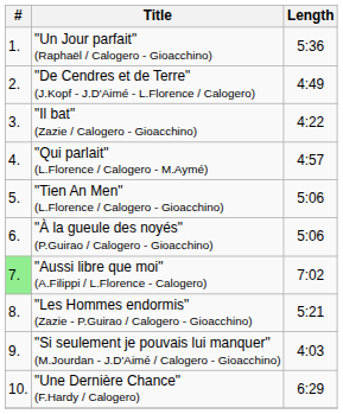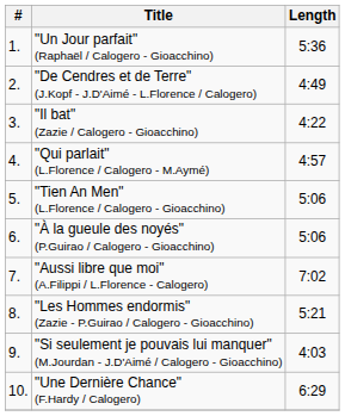 <table class="wikitable" size=80%>
 <tr>
 <th>#</th>
 <th>Title</th>
 <th>Length</th>
 </tr>
 <tr>
 <td>1.</td>
 <td>"Un Jour parfait" <br><small>(Raphaël / Calogero - Gioacchino)</small></td>
 <td style="text-align:center;">5:36</td>
 </tr>
 <tr>
 <td>2.</td>
 <td>"De Cendres et de Terre" <br><small>(J.Kopf - J.D'Aimé - L.Florence / Calogero)</small></td>
 <td style="text-align:center;">4:49</td>
 </tr>
 <tr>
 <td>3.</td>
 <td>"Il bat" <br><small>(Zazie / Calogero - Gioacchino)</small></td>
 <td style="text-align:center;">4:22</td>
 </tr>
 <tr>
 <td>4.</td>
 <td>"Qui parlait" <br><small>(L.Florence / Calogero - M.Aymé)</small></td>
 <td style="text-align:center;">4:57</td>
 </tr>
 <tr>
 <td>5.</td>
 <td>"Tien An Men" <br><small>(L.Florence / Calogero - Gioacchino)</small></td>
 <td style="text-align:center;">5:06</td>
 </tr>
 <tr>
 <td>6.</td>
 <td>"À la gueule des noyés" <br><small>(P.Guirao / Calogero - Gioacchino)</small></td>
 <td style="text-align:center;">5:06</td>
 </tr>
 <tr>
-<td style="background: lightgreen;">7.</td>
+<td>7.</td>
 <td>"Aussi libre que moi" <br><small>(A.Filippi / L.Florence - Calogero)</small></td>
 <td style="text-align:center;">7:02</td>
 </tr>
 <tr>
 <td>8.</td>
 <td>"Les Hommes endormis" <br><small>(Zazie - P.Guirao / Calogero - Gioacchino)</small></td>
 <td style="text-align:center;">5:21</td>
 </tr>
 <tr>
 <td>9.</td>
 <td>"Si seulement je pouvais lui manquer" <br><small>(M.Jourdan - J.D'Aimé / Calogero - Gioacchino)</small></td>
 <td style="text-align:center;">4:03</td>
 </tr>
 <tr>
 <td>10.</td>
 <td>"Une Dernière Chance" <br><small>(F.Hardy / Calogero)</small></td>
 <td style="text-align:center;">6:29</td>
 </tr>
 <tr>
 </tr>
 </table>
